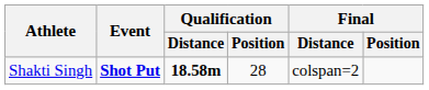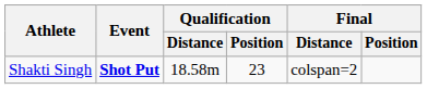 <table class="wikitable" style="font-size:90%">
 <tr>
 <th rowspan="2">Athlete</th>
 <th rowspan="2">Event</th>
 <th colspan="2">Qualification</th>
 <th colspan="2">Final</th>
 </tr>
 <tr style="font-size:95%">
 <th>Distance</th>
 <th>Position</th>
 <th>Distance</th>
 <th>Position</th>
 </tr>
 <tr style=text-align:center>
 <td style=text-align:left><a href='#'>Shakti Singh</a></td>
 <td style="text-align:left"><strong><a href='#'>Shot Put</a></strong></td>
-<td><strong>18.58m</strong></td>
-<td>28</td>
+<td>18.58m</td>
+<td>23</td>
 <td>colspan=2 </td>
 </tr>
 </table>
